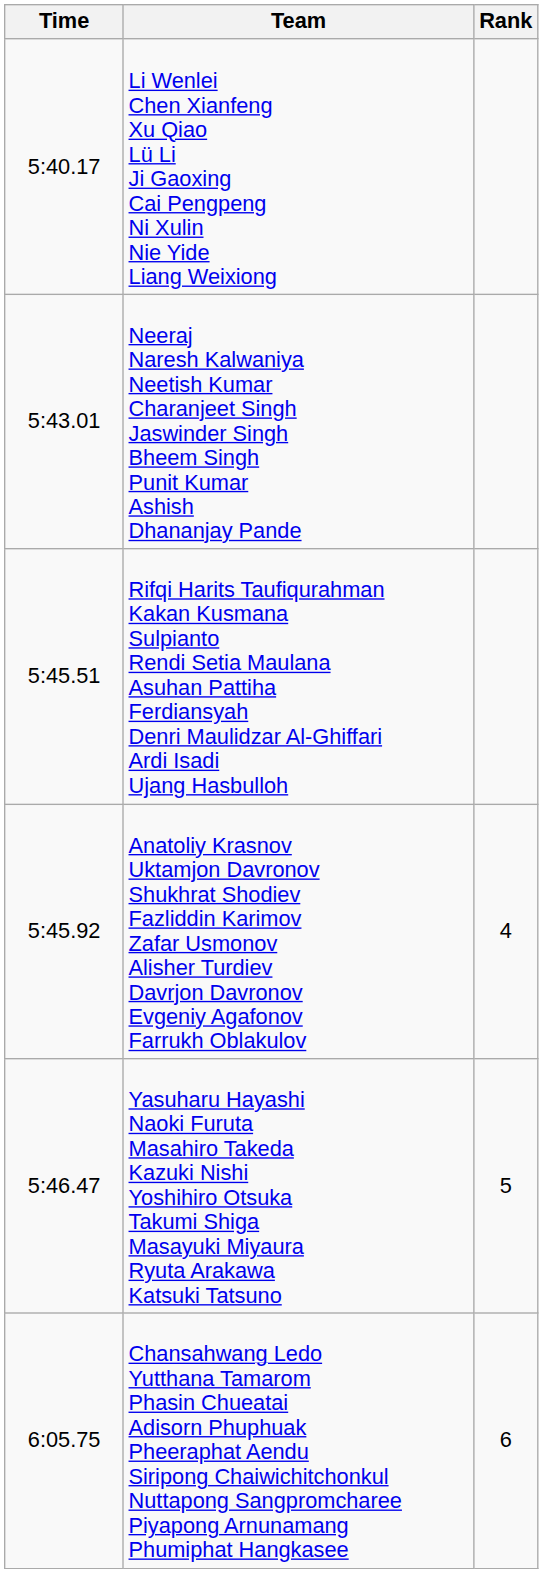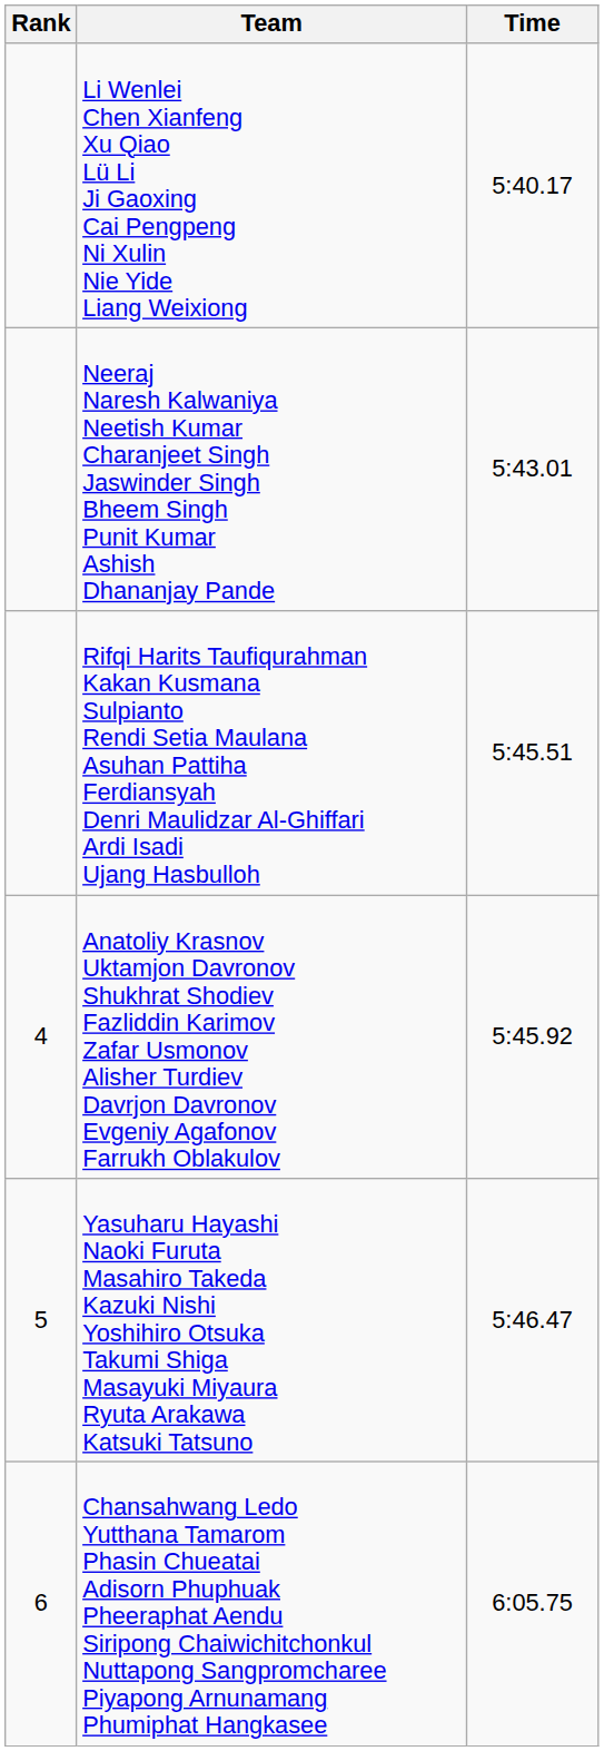 <table class=wikitable style="text-align:center">
 <tr>
+<th width=40>Rank</th>
+<th width=250>Team</th>
 <th width=80>Time</th>
-<th width=250>Team</th>
-<th width=40>Rank</th>
 </tr>
 <tr>
+<td></td>
+<td align="left"><br><a href='#'>Li Wenlei</a><br><a href='#'>Chen Xianfeng</a><br><a href='#'>Xu Qiao</a><br><a href='#'>Lü Li</a><br><a href='#'>Ji Gaoxing</a><br><a href='#'>Cai Pengpeng</a><br><a href='#'>Ni Xulin</a><br><a href='#'>Nie Yide</a><br><a href='#'>Liang Weixiong</a></td>
 <td>5:40.17</td>
-<td align="left"><br><a href='#'>Li Wenlei</a><br><a href='#'>Chen Xianfeng</a><br><a href='#'>Xu Qiao</a><br><a href='#'>Lü Li</a><br><a href='#'>Ji Gaoxing</a><br><a href='#'>Cai Pengpeng</a><br><a href='#'>Ni Xulin</a><br><a href='#'>Nie Yide</a><br><a href='#'>Liang Weixiong</a></td>
-<td></td>
 </tr>
 <tr>
+<td></td>
+<td align="left"><br><a href='#'>Neeraj</a><br><a href='#'>Naresh Kalwaniya</a><br><a href='#'>Neetish Kumar</a><br><a href='#'>Charanjeet Singh</a><br><a href='#'>Jaswinder Singh</a><br><a href='#'>Bheem Singh</a><br><a href='#'>Punit Kumar</a><br><a href='#'>Ashish</a><br><a href='#'>Dhananjay Pande</a></td>
 <td>5:43.01</td>
-<td align="left"><br><a href='#'>Neeraj</a><br><a href='#'>Naresh Kalwaniya</a><br><a href='#'>Neetish Kumar</a><br><a href='#'>Charanjeet Singh</a><br><a href='#'>Jaswinder Singh</a><br><a href='#'>Bheem Singh</a><br><a href='#'>Punit Kumar</a><br><a href='#'>Ashish</a><br><a href='#'>Dhananjay Pande</a></td>
-<td></td>
 </tr>
 <tr>
+<td></td>
+<td align="left"><br><a href='#'>Rifqi Harits Taufiqurahman</a><br><a href='#'>Kakan Kusmana</a><br><a href='#'>Sulpianto</a><br><a href='#'>Rendi Setia Maulana</a><br><a href='#'>Asuhan Pattiha</a><br><a href='#'>Ferdiansyah</a><br><a href='#'>Denri Maulidzar Al-Ghiffari</a><br><a href='#'>Ardi Isadi</a><br><a href='#'>Ujang Hasbulloh</a></td>
 <td>5:45.51</td>
-<td align="left"><br><a href='#'>Rifqi Harits Taufiqurahman</a><br><a href='#'>Kakan Kusmana</a><br><a href='#'>Sulpianto</a><br><a href='#'>Rendi Setia Maulana</a><br><a href='#'>Asuhan Pattiha</a><br><a href='#'>Ferdiansyah</a><br><a href='#'>Denri Maulidzar Al-Ghiffari</a><br><a href='#'>Ardi Isadi</a><br><a href='#'>Ujang Hasbulloh</a></td>
-<td></td>
 </tr>
 <tr>
+<td>4</td>
+<td align="left"><br><a href='#'>Anatoliy Krasnov</a><br><a href='#'>Uktamjon Davronov</a><br><a href='#'>Shukhrat Shodiev</a><br><a href='#'>Fazliddin Karimov</a><br><a href='#'>Zafar Usmonov</a><br><a href='#'>Alisher Turdiev</a><br><a href='#'>Davrjon Davronov</a><br><a href='#'>Evgeniy Agafonov</a><br><a href='#'>Farrukh Oblakulov</a></td>
 <td>5:45.92</td>
-<td align="left"><br><a href='#'>Anatoliy Krasnov</a><br><a href='#'>Uktamjon Davronov</a><br><a href='#'>Shukhrat Shodiev</a><br><a href='#'>Fazliddin Karimov</a><br><a href='#'>Zafar Usmonov</a><br><a href='#'>Alisher Turdiev</a><br><a href='#'>Davrjon Davronov</a><br><a href='#'>Evgeniy Agafonov</a><br><a href='#'>Farrukh Oblakulov</a></td>
-<td>4</td>
 </tr>
 <tr>
+<td>5</td>
+<td align="left"><br><a href='#'>Yasuharu Hayashi</a><br><a href='#'>Naoki Furuta</a><br><a href='#'>Masahiro Takeda</a><br><a href='#'>Kazuki Nishi</a><br><a href='#'>Yoshihiro Otsuka</a><br><a href='#'>Takumi Shiga</a><br><a href='#'>Masayuki Miyaura</a><br><a href='#'>Ryuta Arakawa</a><br><a href='#'>Katsuki Tatsuno</a></td>
 <td>5:46.47</td>
-<td align="left"><br><a href='#'>Yasuharu Hayashi</a><br><a href='#'>Naoki Furuta</a><br><a href='#'>Masahiro Takeda</a><br><a href='#'>Kazuki Nishi</a><br><a href='#'>Yoshihiro Otsuka</a><br><a href='#'>Takumi Shiga</a><br><a href='#'>Masayuki Miyaura</a><br><a href='#'>Ryuta Arakawa</a><br><a href='#'>Katsuki Tatsuno</a></td>
-<td>5</td>
 </tr>
 <tr>
+<td>6</td>
+<td align="left"><br><a href='#'>Chansahwang Ledo</a><br><a href='#'>Yutthana Tamarom</a><br><a href='#'>Phasin Chueatai</a><br><a href='#'>Adisorn Phuphuak</a><br><a href='#'>Pheeraphat Aendu</a><br><a href='#'>Siripong Chaiwichitchonkul</a><br><a href='#'>Nuttapong Sangpromcharee</a><br><a href='#'>Piyapong Arnunamang</a><br><a href='#'>Phumiphat Hangkasee</a></td>
 <td>6:05.75</td>
-<td align="left"><br><a href='#'>Chansahwang Ledo</a><br><a href='#'>Yutthana Tamarom</a><br><a href='#'>Phasin Chueatai</a><br><a href='#'>Adisorn Phuphuak</a><br><a href='#'>Pheeraphat Aendu</a><br><a href='#'>Siripong Chaiwichitchonkul</a><br><a href='#'>Nuttapong Sangpromcharee</a><br><a href='#'>Piyapong Arnunamang</a><br><a href='#'>Phumiphat Hangkasee</a></td>
-<td>6</td>
 </tr>
 </table>
